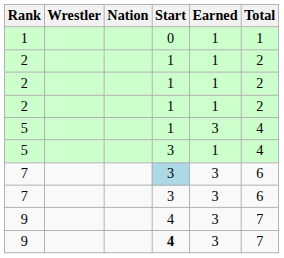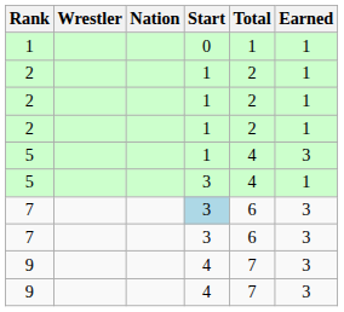 <table class="wikitable sortable" style="text-align:center;">
 <tr>
 <th>Rank</th>
 <th>Wrestler</th>
 <th>Nation</th>
 <th>Start</th>
+<th>Total</th>
 <th>Earned</th>
-<th>Total</th>
 </tr>
 <tr style="background:#cfc;">
 <td>1</td>
 <td align=left></td>
 <td align=left></td>
 <td>0</td>
 <td>1</td>
 <td>1</td>
 </tr>
 <tr style="background:#cfc;">
 <td>2</td>
 <td align=left></td>
 <td align=left></td>
 <td>1</td>
+<td>2</td>
 <td>1</td>
-<td>2</td>
 </tr>
 <tr style="background:#cfc;">
 <td>2</td>
 <td align=left></td>
 <td align=left></td>
 <td>1</td>
+<td>2</td>
 <td>1</td>
-<td>2</td>
 </tr>
 <tr style="background:#cfc;">
 <td>2</td>
 <td align=left></td>
 <td align=left></td>
 <td>1</td>
+<td>2</td>
 <td>1</td>
-<td>2</td>
 </tr>
 <tr style="background:#cfc;">
 <td>5</td>
 <td align=left></td>
 <td align=left></td>
 <td>1</td>
+<td>4</td>
 <td>3</td>
-<td>4</td>
 </tr>
 <tr style="background:#cfc;">
 <td>5</td>
 <td align=left></td>
 <td align=left></td>
 <td>3</td>
+<td>4</td>
 <td>1</td>
-<td>4</td>
 </tr>
 <tr>
 <td>7</td>
 <td align=left></td>
 <td align=left></td>
 <td style="background: lightblue;">3</td>
+<td>6</td>
 <td>3</td>
-<td>6</td>
 </tr>
 <tr>
 <td>7</td>
 <td align=left></td>
 <td align=left></td>
 <td>3</td>
+<td>6</td>
 <td>3</td>
-<td>6</td>
 </tr>
 <tr>
 <td>9</td>
 <td align=left></td>
 <td align=left></td>
 <td>4</td>
+<td>7</td>
 <td>3</td>
-<td>7</td>
 </tr>
 <tr>
 <td>9</td>
 <td align=left></td>
 <td align=left></td>
-<td><strong>4</strong></td>
+<td>4</td>
+<td>7</td>
 <td>3</td>
-<td>7</td>
 </tr>
 </table>
